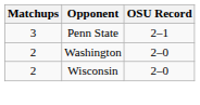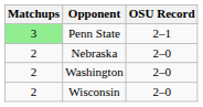 <table class="wikitable" style="text-align:center">
 <tr>
 <th>Matchups</th>
 <th>Opponent</th>
 <th>OSU Record</th>
 </tr>
 <tr>
-<td>3</td>
+<td style="background: lightgreen;">3</td>
 <td>Penn State</td>
 <td>2–1</td>
+</tr>
+<tr>
+<td>2</td>
+<td>Nebraska</td>
+<td>2–0</td>
 </tr>
 <tr>
 <td>2</td>
 <td>Washington</td>
 <td>2–0</td>
 </tr>
 <tr>
 <td>2</td>
 <td>Wisconsin</td>
 <td>2–0</td>
 </tr>
 </table>
